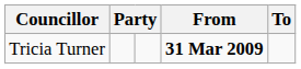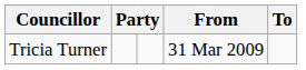 <table class=wikitable>
 <tr>
 <th>Councillor</th>
 <th colspan=2>Party</th>
 <th>From</th>
 <th>To</th>
 </tr>
 <tr>
 <td>Tricia Turner</td>
 <td></td>
 <td></td>
-<td align=right><strong>31 Mar 2009</strong></td>
+<td align=right>31 Mar 2009</td>
 </tr>
 </table>
